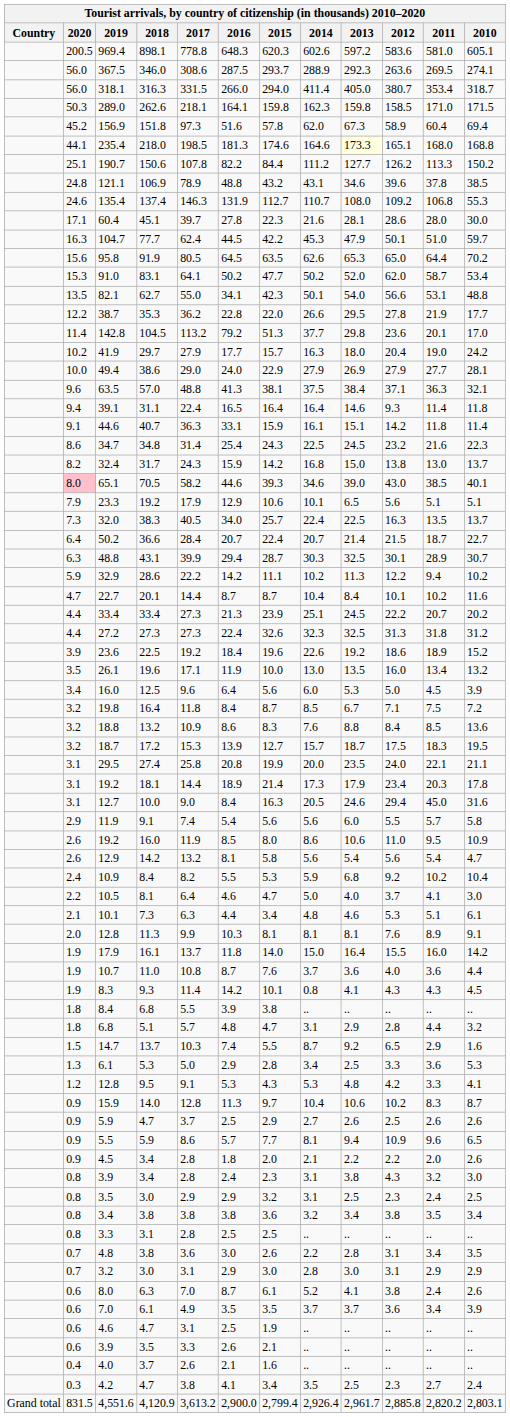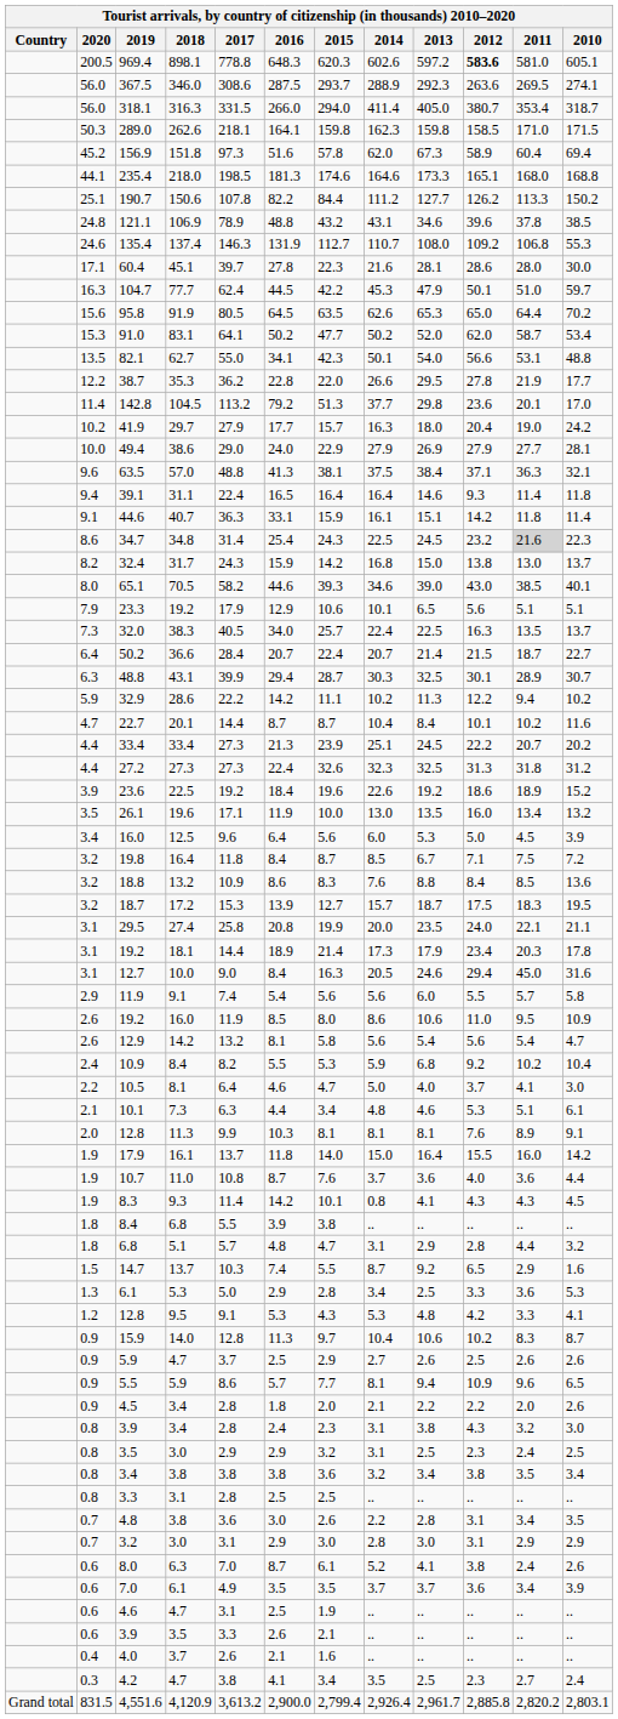 <table class="wikitable sortable mw-collapsible mw-collapsed">
 <tr>
 <th colspan="12">Tourist arrivals, by country of citizenship (in thousands) 2010–2020</th>
 </tr>
 <tr>
 <th>Country</th>
 <th>2020</th>
 <th>2019</th>
 <th>2018</th>
 <th>2017</th>
 <th>2016</th>
 <th>2015</th>
 <th>2014</th>
 <th>2013</th>
 <th>2012</th>
 <th>2011</th>
 <th>2010</th>
 </tr>
 <tr>
 <td></td>
 <td> 200.5</td>
 <td> 969.4</td>
 <td> 898.1</td>
 <td> 778.8</td>
 <td> 648.3</td>
 <td> 620.3</td>
 <td> 602.6</td>
 <td> 597.2</td>
-<td> 583.6</td>
+<td><strong> 583.6</strong></td>
 <td> 581.0</td>
 <td>605.1</td>
 </tr>
 <tr>
 <td></td>
 <td> 56.0</td>
 <td> 367.5</td>
 <td> 346.0</td>
 <td> 308.6</td>
 <td> 287.5</td>
 <td> 293.7</td>
 <td> 288.9</td>
 <td> 292.3</td>
 <td> 263.6</td>
 <td> 269.5</td>
 <td>274.1</td>
 </tr>
 <tr>
 <td></td>
 <td> 56.0</td>
 <td> 318.1</td>
 <td>316.3</td>
 <td> 331.5</td>
 <td> 266.0</td>
 <td> 294.0</td>
 <td> 411.4</td>
 <td> 405.0</td>
 <td> 380.7</td>
 <td> 353.4</td>
 <td>318.7</td>
 </tr>
 <tr>
 <td></td>
 <td> 50.3</td>
 <td> 289.0</td>
 <td> 262.6</td>
 <td> 218.1</td>
 <td> 164.1</td>
 <td> 159.8</td>
 <td> 162.3</td>
 <td> 159.8</td>
 <td> 158.5</td>
 <td> 171.0</td>
 <td>171.5</td>
 </tr>
 <tr>
 <td></td>
 <td> 45.2</td>
 <td> 156.9</td>
 <td> 151.8</td>
 <td> 97.3</td>
 <td> 51.6</td>
 <td> 57.8</td>
 <td> 62.0</td>
 <td> 67.3</td>
 <td> 58.9</td>
 <td> 60.4</td>
 <td>69.4</td>
 </tr>
 <tr>
 <td></td>
 <td> 44.1</td>
 <td> 235.4</td>
 <td> 218.0</td>
 <td> 198.5</td>
 <td> 181.3</td>
 <td> 174.6</td>
 <td> 164.6</td>
-<td style="background: lightyellow;"> 173.3</td>
+<td> 173.3</td>
 <td> 165.1</td>
 <td> 168.0</td>
 <td>168.8</td>
 </tr>
 <tr>
 <td></td>
 <td> 25.1</td>
 <td> 190.7</td>
 <td> 150.6</td>
 <td> 107.8</td>
 <td> 82.2</td>
 <td> 84.4</td>
 <td> 111.2</td>
 <td> 127.7</td>
 <td> 126.2</td>
 <td> 113.3</td>
 <td>150.2</td>
 </tr>
 <tr>
 <td></td>
 <td> 24.8</td>
 <td> 121.1</td>
 <td> 106.9</td>
 <td> 78.9</td>
 <td> 48.8</td>
 <td> 43.2</td>
 <td> 43.1</td>
 <td> 34.6</td>
 <td> 39.6</td>
 <td> 37.8</td>
 <td>38.5</td>
 </tr>
 <tr>
 <td></td>
 <td> 24.6</td>
 <td> 135.4</td>
 <td> 137.4</td>
 <td> 146.3</td>
 <td> 131.9</td>
 <td> 112.7</td>
 <td> 110.7</td>
 <td> 108.0</td>
 <td> 109.2</td>
 <td> 106.8</td>
 <td>55.3</td>
 </tr>
 <tr>
 <td></td>
 <td> 17.1</td>
 <td> 60.4</td>
 <td> 45.1</td>
 <td> 39.7</td>
 <td> 27.8</td>
 <td> 22.3</td>
 <td> 21.6</td>
 <td> 28.1</td>
 <td> 28.6</td>
 <td> 28.0</td>
 <td>30.0</td>
 </tr>
 <tr>
 <td></td>
 <td> 16.3</td>
 <td> 104.7</td>
 <td> 77.7</td>
 <td> 62.4</td>
 <td> 44.5</td>
 <td> 42.2</td>
 <td> 45.3</td>
 <td> 47.9</td>
 <td> 50.1</td>
 <td> 51.0</td>
 <td>59.7</td>
 </tr>
 <tr>
 <td></td>
 <td> 15.6</td>
 <td> 95.8</td>
 <td> 91.9</td>
 <td> 80.5</td>
 <td> 64.5</td>
 <td> 63.5</td>
 <td> 62.6</td>
 <td> 65.3</td>
 <td> 65.0</td>
 <td> 64.4</td>
 <td>70.2</td>
 </tr>
 <tr>
 <td></td>
 <td> 15.3</td>
 <td> 91.0</td>
 <td> 83.1</td>
 <td> 64.1</td>
 <td> 50.2</td>
 <td> 47.7</td>
 <td> 50.2</td>
 <td> 52.0</td>
 <td> 62.0</td>
 <td> 58.7</td>
 <td>53.4</td>
 </tr>
 <tr>
 <td></td>
 <td> 13.5</td>
 <td> 82.1</td>
 <td> 62.7</td>
 <td> 55.0</td>
 <td> 34.1</td>
 <td> 42.3</td>
 <td> 50.1</td>
 <td> 54.0</td>
 <td> 56.6</td>
 <td> 53.1</td>
 <td>48.8</td>
 </tr>
 <tr>
 <td></td>
 <td> 12.2</td>
 <td> 38.7</td>
 <td> 35.3</td>
 <td> 36.2</td>
 <td> 22.8</td>
 <td> 22.0</td>
 <td> 26.6</td>
 <td> 29.5</td>
 <td> 27.8</td>
 <td> 21.9</td>
 <td>17.7</td>
 </tr>
 <tr>
 <td></td>
 <td> 11.4</td>
 <td> 142.8</td>
 <td> 104.5</td>
 <td> 113.2</td>
 <td> 79.2</td>
 <td> 51.3</td>
 <td> 37.7</td>
 <td> 29.8</td>
 <td> 23.6</td>
 <td> 20.1</td>
 <td>17.0</td>
 </tr>
 <tr>
 <td></td>
 <td> 10.2</td>
 <td> 41.9</td>
 <td> 29.7</td>
 <td> 27.9</td>
 <td> 17.7</td>
 <td> 15.7</td>
 <td> 16.3</td>
 <td> 18.0</td>
 <td> 20.4</td>
 <td> 19.0</td>
 <td>24.2</td>
 </tr>
 <tr>
 <td></td>
 <td> 10.0</td>
 <td> 49.4</td>
 <td> 38.6</td>
 <td> 29.0</td>
 <td> 24.0</td>
 <td> 22.9</td>
 <td> 27.9</td>
 <td> 26.9</td>
 <td>27.9</td>
 <td> 27.7</td>
 <td>28.1</td>
 </tr>
 <tr>
 <td></td>
 <td> 9.6</td>
 <td> 63.5</td>
 <td> 57.0</td>
 <td> 48.8</td>
 <td> 41.3</td>
 <td> 38.1</td>
 <td> 37.5</td>
 <td> 38.4</td>
 <td> 37.1</td>
 <td> 36.3</td>
 <td>32.1</td>
 </tr>
 <tr>
 <td></td>
 <td> 9.4</td>
 <td> 39.1</td>
 <td> 31.1</td>
 <td> 22.4</td>
 <td> 16.5</td>
 <td>16.4</td>
 <td> 16.4</td>
 <td> 14.6</td>
 <td> 9.3</td>
 <td> 11.4</td>
 <td>11.8</td>
 </tr>
 <tr>
 <td></td>
 <td> 9.1</td>
 <td> 44.6</td>
 <td> 40.7</td>
 <td> 36.3</td>
 <td> 33.1</td>
 <td> 15.9</td>
 <td> 16.1</td>
 <td> 15.1</td>
 <td> 14.2</td>
 <td> 11.8</td>
 <td>11.4</td>
 </tr>
 <tr>
 <td></td>
 <td> 8.6</td>
 <td> 34.7</td>
 <td> 34.8</td>
 <td> 31.4</td>
 <td> 25.4</td>
 <td> 24.3</td>
 <td> 22.5</td>
 <td> 24.5</td>
 <td> 23.2</td>
-<td> 21.6</td>
+<td style="background: lightgrey;"> 21.6</td>
 <td>22.3</td>
 </tr>
 <tr>
 <td></td>
 <td> 8.2</td>
 <td> 32.4</td>
 <td> 31.7</td>
 <td> 24.3</td>
 <td> 15.9</td>
 <td> 14.2</td>
 <td> 16.8</td>
 <td> 15.0</td>
 <td> 13.8</td>
 <td> 13.0</td>
 <td>13.7</td>
 </tr>
 <tr>
 <td></td>
-<td style="background: pink;"> 8.0</td>
+<td> 8.0</td>
 <td> 65.1</td>
 <td> 70.5</td>
 <td> 58.2</td>
 <td> 44.6</td>
 <td> 39.3</td>
 <td> 34.6</td>
 <td> 39.0</td>
 <td> 43.0</td>
 <td> 38.5</td>
 <td>40.1</td>
 </tr>
 <tr>
 <td></td>
 <td> 7.9</td>
 <td> 23.3</td>
 <td> 19.2</td>
 <td> 17.9</td>
 <td> 12.9</td>
 <td> 10.6</td>
 <td> 10.1</td>
 <td> 6.5</td>
 <td> 5.6</td>
 <td>5.1</td>
 <td>5.1</td>
 </tr>
 <tr>
 <td></td>
 <td> 7.3</td>
 <td> 32.0</td>
 <td> 38.3</td>
 <td> 40.5</td>
 <td> 34.0</td>
 <td> 25.7</td>
 <td> 22.4</td>
 <td> 22.5</td>
 <td> 16.3</td>
 <td> 13.5</td>
 <td>13.7</td>
 </tr>
 <tr>
 <td></td>
 <td> 6.4</td>
 <td> 50.2</td>
 <td> 36.6</td>
 <td> 28.4</td>
 <td> 20.7</td>
 <td> 22.4</td>
 <td> 20.7</td>
 <td> 21.4</td>
 <td> 21.5</td>
 <td> 18.7</td>
 <td>22.7</td>
 </tr>
 <tr>
 <td></td>
 <td> 6.3</td>
 <td> 48.8</td>
 <td> 43.1</td>
 <td> 39.9</td>
 <td> 29.4</td>
 <td> 28.7</td>
 <td> 30.3</td>
 <td> 32.5</td>
 <td> 30.1</td>
 <td> 28.9</td>
 <td>30.7</td>
 </tr>
 <tr>
 <td></td>
 <td> 5.9</td>
 <td> 32.9</td>
 <td> 28.6</td>
 <td> 22.2</td>
 <td> 14.2</td>
 <td> 11.1</td>
 <td> 10.2</td>
 <td> 11.3</td>
 <td> 12.2</td>
 <td> 9.4</td>
 <td>10.2</td>
 </tr>
 <tr>
 <td></td>
 <td> 4.7</td>
 <td> 22.7</td>
 <td> 20.1</td>
 <td> 14.4</td>
 <td>8.7</td>
 <td> 8.7</td>
 <td> 10.4</td>
 <td> 8.4</td>
 <td> 10.1</td>
 <td> 10.2</td>
 <td>11.6</td>
 </tr>
 <tr>
 <td></td>
 <td> 4.4</td>
 <td>33.4</td>
 <td> 33.4</td>
 <td> 27.3</td>
 <td> 21.3</td>
 <td> 23.9</td>
 <td> 25.1</td>
 <td> 24.5</td>
 <td> 22.2</td>
 <td> 20.7</td>
 <td>20.2</td>
 </tr>
 <tr>
 <td></td>
 <td> 4.4</td>
 <td> 27.2</td>
 <td>27.3</td>
 <td> 27.3</td>
 <td> 22.4</td>
 <td> 32.6</td>
 <td> 32.3</td>
 <td> 32.5</td>
 <td> 31.3</td>
 <td> 31.8</td>
 <td>31.2</td>
 </tr>
 <tr>
 <td></td>
 <td> 3.9</td>
 <td> 23.6</td>
 <td> 22.5</td>
 <td> 19.2</td>
 <td> 18.4</td>
 <td> 19.6</td>
 <td> 22.6</td>
 <td> 19.2</td>
 <td> 18.6</td>
 <td> 18.9</td>
 <td>15.2</td>
 </tr>
 <tr>
 <td></td>
 <td> 3.5</td>
 <td> 26.1</td>
 <td> 19.6</td>
 <td> 17.1</td>
 <td> 11.9</td>
 <td> 10.0</td>
 <td> 13.0</td>
 <td> 13.5</td>
 <td> 16.0</td>
 <td> 13.4</td>
 <td>13.2</td>
 </tr>
 <tr>
 <td></td>
 <td> 3.4</td>
 <td> 16.0</td>
 <td> 12.5</td>
 <td> 9.6</td>
 <td> 6.4</td>
 <td> 5.6</td>
 <td> 6.0</td>
 <td> 5.3</td>
 <td> 5.0</td>
 <td> 4.5</td>
 <td>3.9</td>
 </tr>
 <tr>
 <td></td>
 <td> 3.2</td>
 <td> 19.8</td>
 <td> 16.4</td>
 <td> 11.8</td>
 <td> 8.4</td>
 <td> 8.7</td>
 <td> 8.5</td>
 <td> 6.7</td>
 <td> 7.1</td>
 <td> 7.5</td>
 <td>7.2</td>
 </tr>
 <tr>
 <td></td>
 <td> 3.2</td>
 <td> 18.8</td>
 <td> 13.2</td>
 <td> 10.9</td>
 <td> 8.6</td>
 <td> 8.3</td>
 <td> 7.6</td>
 <td> 8.8</td>
 <td> 8.4</td>
 <td> 8.5</td>
 <td>13.6</td>
 </tr>
 <tr>
 <td></td>
 <td> 3.2</td>
 <td> 18.7</td>
 <td> 17.2</td>
 <td> 15.3</td>
 <td> 13.9</td>
 <td> 12.7</td>
 <td> 15.7</td>
 <td> 18.7</td>
 <td> 17.5</td>
 <td> 18.3</td>
 <td>19.5</td>
 </tr>
 <tr>
 <td></td>
 <td> 3.1</td>
 <td> 29.5</td>
 <td> 27.4</td>
 <td> 25.8</td>
 <td> 20.8</td>
 <td> 19.9</td>
 <td> 20.0</td>
 <td> 23.5</td>
 <td> 24.0</td>
 <td> 22.1</td>
 <td>21.1</td>
 </tr>
 <tr>
 <td></td>
 <td> 3.1</td>
 <td> 19.2</td>
 <td> 18.1</td>
 <td> 14.4</td>
 <td> 18.9</td>
 <td> 21.4</td>
 <td> 17.3</td>
 <td> 17.9</td>
 <td> 23.4</td>
 <td> 20.3</td>
 <td>17.8</td>
 </tr>
 <tr>
 <td></td>
 <td> 3.1</td>
 <td> 12.7</td>
 <td> 10.0</td>
 <td> 9.0</td>
 <td> 8.4</td>
 <td> 16.3</td>
 <td> 20.5</td>
 <td> 24.6</td>
 <td> 29.4</td>
 <td> 45.0</td>
 <td>31.6</td>
 </tr>
 <tr>
 <td></td>
 <td> 2.9</td>
 <td> 11.9</td>
 <td> 9.1</td>
 <td> 7.4</td>
 <td> 5.4</td>
 <td>5.6</td>
 <td> 5.6</td>
 <td> 6.0</td>
 <td> 5.5</td>
 <td> 5.7</td>
 <td>5.8</td>
 </tr>
 <tr>
 <td></td>
 <td> 2.6</td>
 <td> 19.2</td>
 <td> 16.0</td>
 <td> 11.9</td>
 <td> 8.5</td>
 <td> 8.0</td>
 <td> 8.6</td>
 <td> 10.6</td>
 <td> 11.0</td>
 <td> 9.5</td>
 <td>10.9</td>
 </tr>
 <tr>
 <td></td>
 <td>2.6</td>
 <td> 12.9</td>
 <td> 14.2</td>
 <td> 13.2</td>
 <td> 8.1</td>
 <td> 5.8</td>
 <td> 5.6</td>
 <td> 5.4</td>
 <td> 5.6</td>
 <td> 5.4</td>
 <td>4.7</td>
 </tr>
 <tr>
 <td></td>
 <td> 2.4</td>
 <td>10.9</td>
 <td> 8.4</td>
 <td> 8.2</td>
 <td> 5.5</td>
 <td> 5.3</td>
 <td> 5.9</td>
 <td> 6.8</td>
 <td> 9.2</td>
 <td> 10.2</td>
 <td>10.4</td>
 </tr>
 <tr>
 <td></td>
 <td> 2.2</td>
 <td> 10.5</td>
 <td> 8.1</td>
 <td> 6.4</td>
 <td> 4.6</td>
 <td> 4.7</td>
 <td> 5.0</td>
 <td> 4.0</td>
 <td>3.7</td>
 <td> 4.1</td>
 <td>3.0</td>
 </tr>
 <tr>
 <td></td>
 <td> 2.1</td>
 <td> 10.1</td>
 <td> 7.3</td>
 <td> 6.3</td>
 <td> 4.4</td>
 <td> 3.4</td>
 <td> 4.8</td>
 <td> 4.6</td>
 <td> 5.3</td>
 <td> 5.1</td>
 <td>6.1</td>
 </tr>
 <tr>
 <td></td>
 <td> 2.0</td>
 <td> 12.8</td>
 <td> 11.3</td>
 <td> 9.9</td>
 <td> 10.3</td>
 <td>8.1</td>
 <td>8.1</td>
 <td> 8.1</td>
 <td> 7.6</td>
 <td> 8.9</td>
 <td>9.1</td>
 </tr>
 <tr>
 <td></td>
 <td> 1.9</td>
 <td> 17.9</td>
 <td> 16.1</td>
 <td> 13.7</td>
 <td> 11.8</td>
 <td> 14.0</td>
 <td> 15.0</td>
 <td> 16.4</td>
 <td> 15.5</td>
 <td> 16.0</td>
 <td>14.2</td>
 </tr>
 <tr>
 <td></td>
 <td> 1.9</td>
 <td> 10.7</td>
 <td> 11.0</td>
 <td> 10.8</td>
 <td> 8.7</td>
 <td> 7.6</td>
 <td> 3.7</td>
 <td> 3.6</td>
 <td> 4.0</td>
 <td> 3.6</td>
 <td>4.4</td>
 </tr>
 <tr>
 <td></td>
 <td> 1.9</td>
 <td> 8.3</td>
 <td> 9.3</td>
 <td> 11.4</td>
 <td> 14.2</td>
 <td> 10.1</td>
 <td> 0.8</td>
 <td> 4.1</td>
 <td>4.3</td>
 <td> 4.3</td>
 <td>4.5</td>
 </tr>
 <tr>
 <td></td>
 <td> 1.8</td>
 <td> 8.4</td>
 <td> 6.8</td>
 <td> 5.5</td>
 <td> 3.9</td>
 <td>3.8</td>
 <td>..</td>
 <td>..</td>
 <td>..</td>
 <td>..</td>
 <td>..</td>
 </tr>
 <tr>
 <td></td>
 <td> 1.8</td>
 <td> 6.8</td>
 <td> 5.1</td>
 <td> 5.7</td>
 <td> 4.8</td>
 <td> 4.7</td>
 <td> 3.1</td>
 <td> 2.9</td>
 <td> 2.8</td>
 <td> 4.4</td>
 <td>3.2</td>
 </tr>
 <tr>
 <td></td>
 <td> 1.5</td>
 <td> 14.7</td>
 <td> 13.7</td>
 <td> 10.3</td>
 <td> 7.4</td>
 <td> 5.5</td>
 <td> 8.7</td>
 <td> 9.2</td>
 <td> 6.5</td>
 <td> 2.9</td>
 <td>1.6</td>
 </tr>
 <tr>
 <td></td>
 <td> 1.3</td>
 <td> 6.1</td>
 <td> 5.3</td>
 <td> 5.0</td>
 <td> 2.9</td>
 <td> 2.8</td>
 <td> 3.4</td>
 <td> 2.5</td>
 <td> 3.3</td>
 <td> 3.6</td>
 <td>5.3</td>
 </tr>
 <tr>
 <td></td>
 <td> 1.2</td>
 <td> 12.8</td>
 <td> 9.5</td>
 <td> 9.1</td>
 <td> 5.3</td>
 <td> 4.3</td>
 <td> 5.3</td>
 <td> 4.8</td>
 <td> 4.2</td>
 <td> 3.3</td>
 <td>4.1</td>
 </tr>
 <tr>
 <td></td>
 <td> 0.9</td>
 <td> 15.9</td>
 <td> 14.0</td>
 <td> 12.8</td>
 <td> 11.3</td>
 <td> 9.7</td>
 <td> 10.4</td>
 <td> 10.6</td>
 <td> 10.2</td>
 <td> 8.3</td>
 <td>8.7</td>
 </tr>
 <tr>
 <td></td>
 <td> 0.9</td>
 <td> 5.9</td>
 <td> 4.7</td>
 <td> 3.7</td>
 <td> 2.5</td>
 <td> 2.9</td>
 <td> 2.7</td>
 <td> 2.6</td>
 <td> 2.5</td>
 <td>2.6</td>
 <td>2.6</td>
 </tr>
 <tr>
 <td></td>
 <td> 0.9</td>
 <td> 5.5</td>
 <td> 5.9</td>
 <td> 8.6</td>
 <td> 5.7</td>
 <td> 7.7</td>
 <td> 8.1</td>
 <td> 9.4</td>
 <td> 10.9</td>
 <td> 9.6</td>
 <td>6.5</td>
 </tr>
 <tr>
 <td></td>
 <td> 0.9</td>
 <td> 4.5</td>
 <td> 3.4</td>
 <td> 2.8</td>
 <td> 1.8</td>
 <td> 2.0</td>
 <td> 2.1</td>
 <td> 2.2</td>
 <td> 2.2</td>
 <td> 2.0</td>
 <td>2.6</td>
 </tr>
 <tr>
 <td></td>
 <td> 0.8</td>
 <td> 3.9</td>
 <td> 3.4</td>
 <td> 2.8</td>
 <td> 2.4</td>
 <td> 2.3</td>
 <td> 3.1</td>
 <td> 3.8</td>
 <td> 4.3</td>
 <td> 3.2</td>
 <td>3.0</td>
 </tr>
 <tr>
 <td></td>
 <td> 0.8</td>
 <td> 3.5</td>
 <td> 3.0</td>
 <td>2.9</td>
 <td> 2.9</td>
 <td> 3.2</td>
 <td> 3.1</td>
 <td> 2.5</td>
 <td> 2.3</td>
 <td> 2.4</td>
 <td>2.5</td>
 </tr>
 <tr>
 <td></td>
 <td> 0.8</td>
 <td> 3.4</td>
 <td>3.8</td>
 <td>3.8</td>
 <td> 3.8</td>
 <td> 3.6</td>
 <td> 3.2</td>
 <td> 3.4</td>
 <td> 3.8</td>
 <td> 3.5</td>
 <td>3.4</td>
 </tr>
 <tr>
 <td></td>
 <td> 0.8</td>
 <td> 3.3</td>
 <td> 3.1</td>
 <td> 2.8</td>
 <td>2.5</td>
 <td>2.5</td>
 <td>..</td>
 <td>..</td>
 <td>..</td>
 <td>..</td>
 <td>..</td>
 </tr>
 <tr>
 <td></td>
 <td> 0.7</td>
 <td> 4.8</td>
 <td> 3.8</td>
 <td> 3.6</td>
 <td> 3.0</td>
 <td> 2.6</td>
 <td> 2.2</td>
 <td> 2.8</td>
 <td> 3.1</td>
 <td> 3.4</td>
 <td>3.5</td>
 </tr>
 <tr>
 <td></td>
 <td> 0.7</td>
 <td> 3.2</td>
 <td> 3.0</td>
 <td> 3.1</td>
 <td> 2.9</td>
 <td> 3.0</td>
 <td> 2.8</td>
 <td> 3.0</td>
 <td> 3.1</td>
 <td>2.9</td>
 <td>2.9</td>
 </tr>
 <tr>
 <td></td>
 <td> 0.6</td>
 <td> 8.0</td>
 <td> 6.3</td>
 <td> 7.0</td>
 <td> 8.7</td>
 <td> 6.1</td>
 <td> 5.2</td>
 <td> 4.1</td>
 <td> 3.8</td>
 <td> 2.4</td>
 <td>2.6</td>
 </tr>
 <tr>
 <td></td>
 <td> 0.6</td>
 <td> 7.0</td>
 <td> 6.1</td>
 <td> 4.9</td>
 <td>3.5</td>
 <td> 3.5</td>
 <td>3.7</td>
 <td> 3.7</td>
 <td> 3.6</td>
 <td> 3.4</td>
 <td>3.9</td>
 </tr>
 <tr>
 <td></td>
 <td> 0.6</td>
 <td> 4.6</td>
 <td> 4.7</td>
 <td> 3.1</td>
 <td> 2.5</td>
 <td>1.9</td>
 <td>..</td>
 <td>..</td>
 <td>..</td>
 <td>..</td>
 <td>..</td>
 </tr>
 <tr>
 <td></td>
 <td> 0.6</td>
 <td> 3.9</td>
 <td> 3.5</td>
 <td> 3.3</td>
 <td> 2.6</td>
 <td>2.1</td>
 <td>..</td>
 <td>..</td>
 <td>..</td>
 <td>..</td>
 <td>..</td>
 </tr>
 <tr>
 <td></td>
 <td> 0.4</td>
 <td> 4.0</td>
 <td> 3.7</td>
 <td> 2.6</td>
 <td> 2.1</td>
 <td>1.6</td>
 <td>..</td>
 <td>..</td>
 <td>..</td>
 <td>..</td>
 <td>..</td>
 </tr>
 <tr>
 <td></td>
 <td> 0.3</td>
 <td> 4.2</td>
 <td> 4.7</td>
 <td> 3.8</td>
 <td> 4.1</td>
 <td> 3.4</td>
 <td> 3.5</td>
 <td> 2.5</td>
 <td> 2.3</td>
 <td> 2.7</td>
 <td>2.4</td>
 </tr>
 <tr>
 <td>Grand total</td>
 <td> 831.5</td>
 <td> 4,551.6</td>
 <td> 4,120.9</td>
 <td> 3,613.2</td>
 <td> 2,900.0</td>
 <td>2,799.4</td>
 <td>2,926.4</td>
 <td>2,961.7</td>
 <td>2,885.8</td>
 <td>2,820.2</td>
 <td>2,803.1</td>
 </tr>
 </table>
